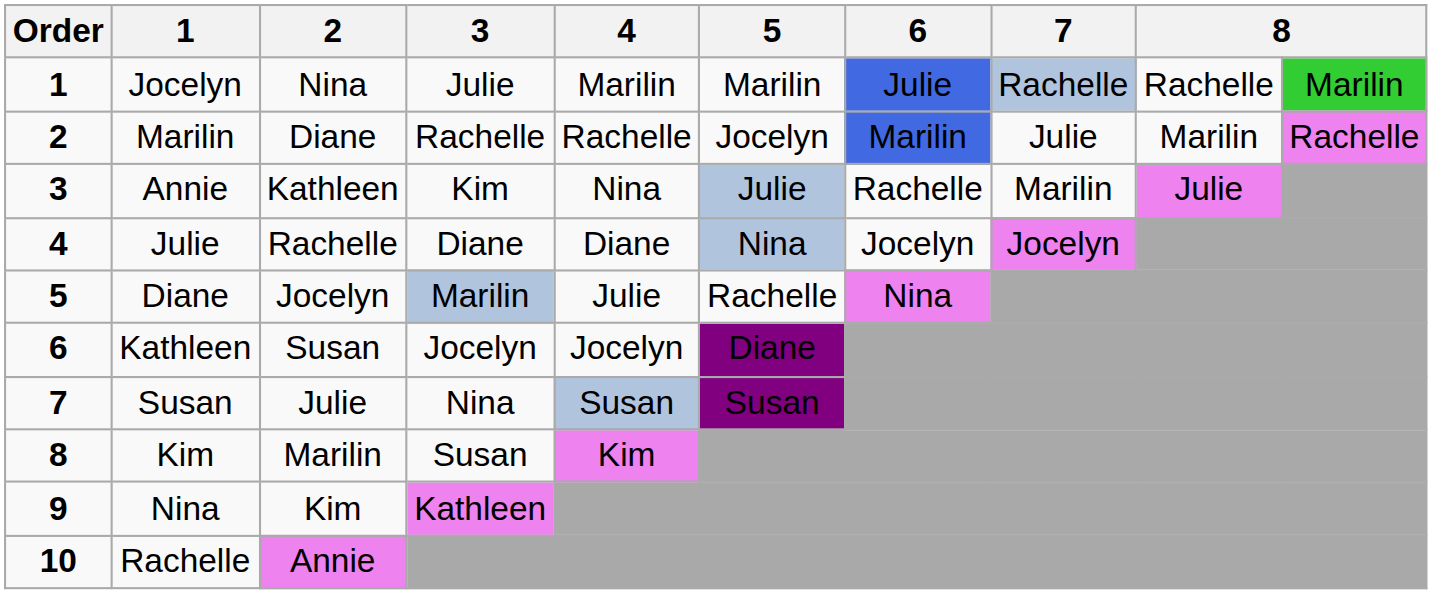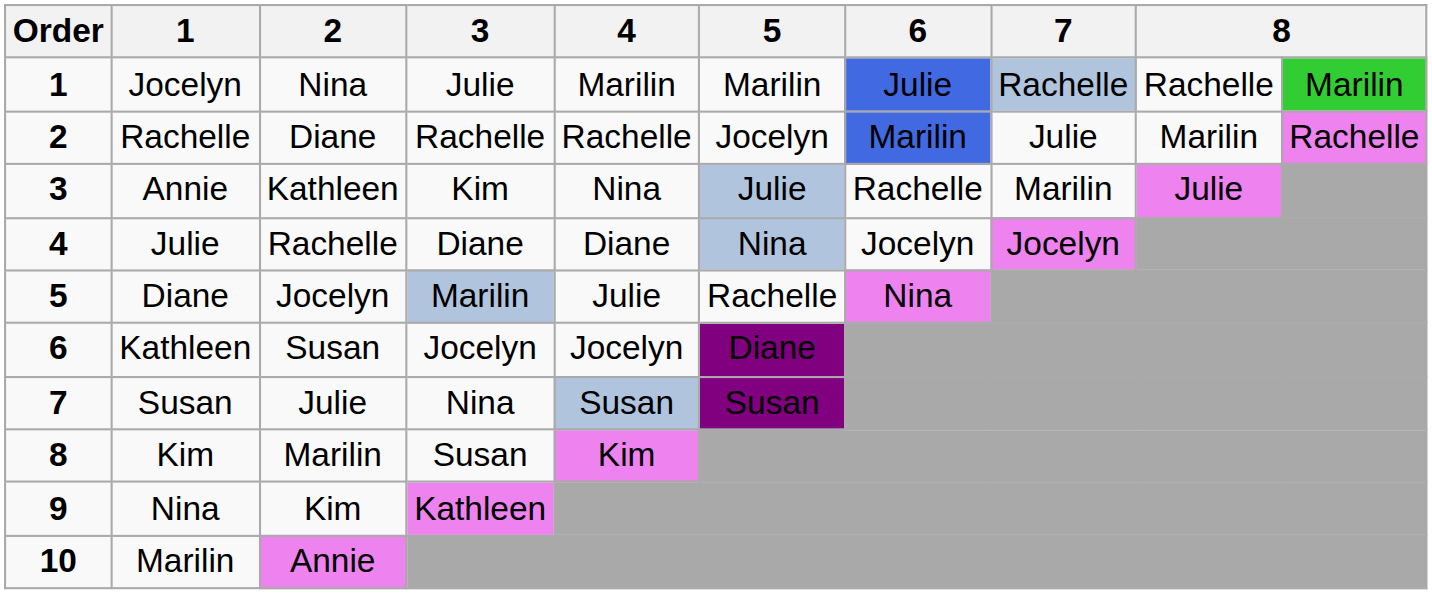 <table class="wikitable" style="text-align:center">
 <tr>
 <th>Order</th>
 <th>1</th>
 <th>2</th>
 <th>3</th>
 <th>4</th>
 <th>5</th>
 <th>6</th>
 <th>7</th>
 <th colspan="2">8</th>
 </tr>
 <tr>
 <td><strong>1</strong></td>
 <td>Jocelyn</td>
 <td>Nina</td>
 <td>Julie</td>
 <td>Marilin</td>
 <td>Marilin</td>
 <td style="background:royalblue"><span>Julie</span></td>
 <td style="background:lightsteelblue;">Rachelle</td>
 <td>Rachelle</td>
 <td style="background:limegreen">Marilin</td>
 </tr>
 <tr>
 <td><strong>2</strong></td>
-<td>Marilin</td>
+<td>Rachelle</td>
 <td>Diane</td>
 <td>Rachelle</td>
 <td>Rachelle</td>
 <td>Jocelyn</td>
 <td style="background:royalblue"><span>Marilin</span></td>
 <td>Julie</td>
 <td>Marilin</td>
 <td style="background:violet">Rachelle</td>
 </tr>
 <tr>
 <td><strong>3</strong></td>
 <td>Annie</td>
 <td>Kathleen</td>
 <td>Kim</td>
 <td>Nina</td>
 <td style="background:lightsteelblue">Julie</td>
 <td>Rachelle</td>
 <td>Marilin</td>
 <td style="background:violet">Julie</td>
 <td style="background:darkgrey;" colspan="13"></td>
 </tr>
 <tr>
 <td><strong>4</strong></td>
 <td>Julie</td>
 <td>Rachelle</td>
 <td>Diane</td>
 <td>Diane</td>
 <td style="background:lightsteelblue">Nina</td>
 <td>Jocelyn</td>
 <td style="background:violet">Jocelyn</td>
 <td style="background:darkgrey;" colspan="13"></td>
 </tr>
 <tr>
 <td><strong>5</strong></td>
 <td>Diane</td>
 <td>Jocelyn</td>
 <td style="background:lightsteelblue">Marilin</td>
 <td>Julie</td>
 <td>Rachelle</td>
 <td style="background:violet">Nina</td>
 <td style="background:darkgrey;" colspan="13"></td>
 </tr>
 <tr>
 <td><strong>6</strong></td>
 <td>Kathleen</td>
 <td>Susan</td>
 <td>Jocelyn</td>
 <td>Jocelyn</td>
 <td style="background:purple"><span>Diane</span></td>
 <td style="background:darkgrey;" colspan="13"></td>
 </tr>
 <tr>
 <td><strong>7</strong></td>
 <td>Susan</td>
 <td>Julie</td>
 <td>Nina</td>
 <td style="background:lightsteelblue">Susan</td>
 <td style="background:purple"><span>Susan</span></td>
 <td style="background:darkgrey;" colspan="13"></td>
 </tr>
 <tr>
 <td><strong>8</strong></td>
 <td>Kim</td>
 <td>Marilin</td>
 <td>Susan</td>
 <td style="background:violet">Kim</td>
 <td style="background:darkgrey;" colspan="13"></td>
 </tr>
 <tr>
 <td><strong>9</strong></td>
 <td>Nina</td>
 <td>Kim</td>
 <td style="background:violet">Kathleen</td>
 <td style="background:darkgrey;" colspan="13"></td>
 </tr>
 <tr>
 <td><strong>10</strong></td>
-<td>Rachelle</td>
+<td>Marilin</td>
 <td style="background:violet">Annie</td>
 <td style="background:darkgrey;" colspan="13"></td>
 </tr>
 </table>
